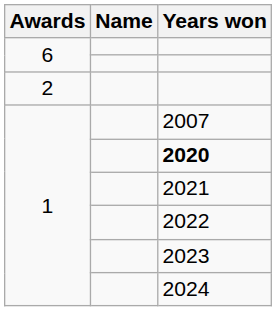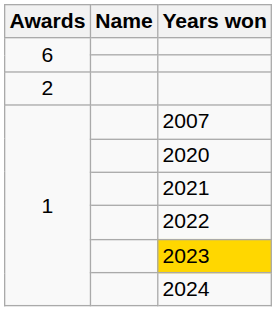 <table class="wikitable style="font-size:100%; text-align: left; width:70%">
 <tr>
 <th>Awards</th>
 <th>Name</th>
 <th>Years won</th>
 </tr>
 <tr>
 <td align=center rowspan=2>6</td>
 <td></td>
 <td></td>
 </tr>
 <tr>
 <td></td>
 <td></td>
 </tr>
 <tr>
 <td align=center>2</td>
 <td></td>
 <td></td>
 </tr>
 <tr>
 <td align=center rowspan=6>1</td>
 <td></td>
 <td>2007</td>
 </tr>
 <tr>
 <td></td>
-<td><strong>2020</strong></td>
+<td>2020</td>
 </tr>
 <tr>
 <td></td>
 <td>2021</td>
 </tr>
 <tr>
 <td></td>
 <td>2022</td>
 </tr>
 <tr>
 <td></td>
-<td>2023</td>
+<td style="background: gold;">2023</td>
 </tr>
 <tr>
 <td></td>
 <td>2024</td>
 </tr>
 </table>
